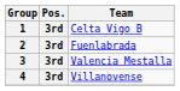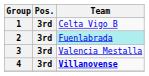 <table class="wikitable">
 <tr>
 <th>Group</th>
 <th>Pos.</th>
 <th>Team</th>
 </tr>
 <tr>
 <th>1</th>
 <th>3rd</th>
 <td><a href='#'>Celta Vigo B</a></td>
 </tr>
 <tr>
 <th>2</th>
 <th>3rd</th>
-<td><a href='#'>Fuenlabrada</a></td>
+<td style="background: paleturquoise;"><a href='#'>Fuenlabrada</a></td>
 </tr>
 <tr>
 <th>3</th>
 <th>3rd</th>
 <td><a href='#'>Valencia Mestalla</a></td>
 </tr>
 <tr>
 <th>4</th>
 <th>3rd</th>
-<td><a href='#'>Villanovense</a></td>
+<td><strong><a href='#'>Villanovense</a></strong></td>
 </tr>
 <tr>
 </tr>
 </table>
